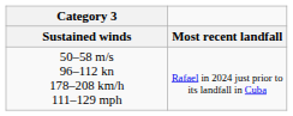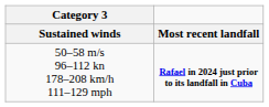 <table class="wikitable" style="text-align: center; float:right; margin-left: 1em; width:350px;">
 <tr>
 <th style="background: #">Category 3</th>
 </tr>
 <tr>
 <th>Sustained winds</th>
 <th>Most recent landfall</th>
 </tr>
 <tr>
 <td>50–58 m/s<br>96–112 kn<br>178–208 km/h<br>111–129 mph</td>
-<td style = "font-size: 80%; width:142px"><br><a href='#'>Rafael</a> in 2024 just prior to its landfall in <a href='#'>Cuba</a></td>
+<td style = "font-size: 80%; width:142px"><strong><br><a href='#'>Rafael</a> in 2024 just prior to its landfall in <a href='#'>Cuba</a></strong></td>
 </tr>
 </table>
